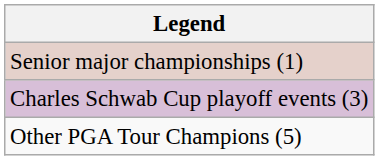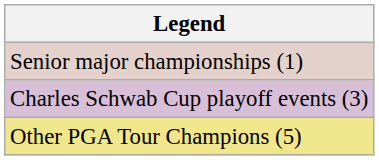 <table class="wikitable" style="font-size:95%;">
 <tr>
 <th>Legend</th>
 </tr>
 <tr style="background:#e5d1cb;">
 <td>Senior major championships (1)</td>
 </tr>
 <tr style="background:thistle">
 <td>Charles Schwab Cup playoff events (3)</td>
 </tr>
 <tr>
-<td>Other PGA Tour Champions (5)</td>
+<td style="background: khaki;">Other PGA Tour Champions (5)</td>
 </tr>
 </table>
